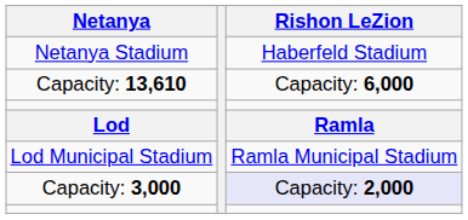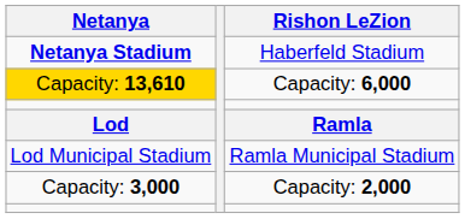 <table class="wikitable" style="margin:1em auto; text-align:center;">
 <tr>
 <th><a href='#'>Netanya</a></th>
 <th rowspan="8"></th>
 <th><a href='#'>Rishon LeZion</a></th>
 </tr>
 <tr>
-<td><a href='#'>Netanya Stadium</a></td>
+<td><strong><a href='#'>Netanya Stadium</a></strong></td>
 <td><a href='#'>Haberfeld Stadium</a></td>
 </tr>
 <tr>
-<td>Capacity: <strong>13,610</strong></td>
+<td style="background: gold;">Capacity: <strong>13,610</strong></td>
 <td>Capacity: <strong>6,000</strong></td>
 </tr>
 <tr>
 <td></td>
 <td></td>
 </tr>
 <tr>
 <th><a href='#'>Lod</a></th>
 <th><a href='#'>Ramla</a></th>
 </tr>
 <tr>
 <td><a href='#'>Lod Municipal Stadium</a></td>
 <td><a href='#'>Ramla Municipal Stadium</a></td>
 </tr>
 <tr>
 <td>Capacity: <strong>3,000</strong></td>
-<td style="background: lavender;">Capacity: <strong>2,000</strong><br></td>
+<td>Capacity: <strong>2,000</strong><br></td>
 </tr>
 <tr>
 <td></td>
 <td></td>
 </tr>
 </table>
